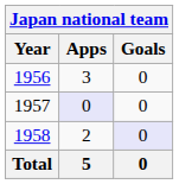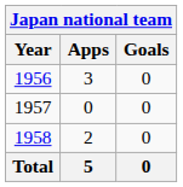 <table class="wikitable" style="text-align:center">
 <tr>
 <th colspan=3><a href='#'>Japan national team</a></th>
 </tr>
 <tr>
 <th>Year</th>
 <th>Apps</th>
 <th>Goals</th>
 </tr>
 <tr>
 <td><a href='#'>1956</a></td>
 <td>3</td>
 <td>0</td>
 </tr>
 <tr>
 <td>1957</td>
-<td style="background: lavender;">0</td>
+<td>0</td>
 <td>0</td>
 </tr>
 <tr>
 <td><a href='#'>1958</a></td>
 <td>2</td>
-<td style="background: lavender;">0</td>
+<td>0</td>
 </tr>
 <tr>
 <th>Total</th>
 <th>5</th>
 <th>0</th>
 </tr>
 </table>
